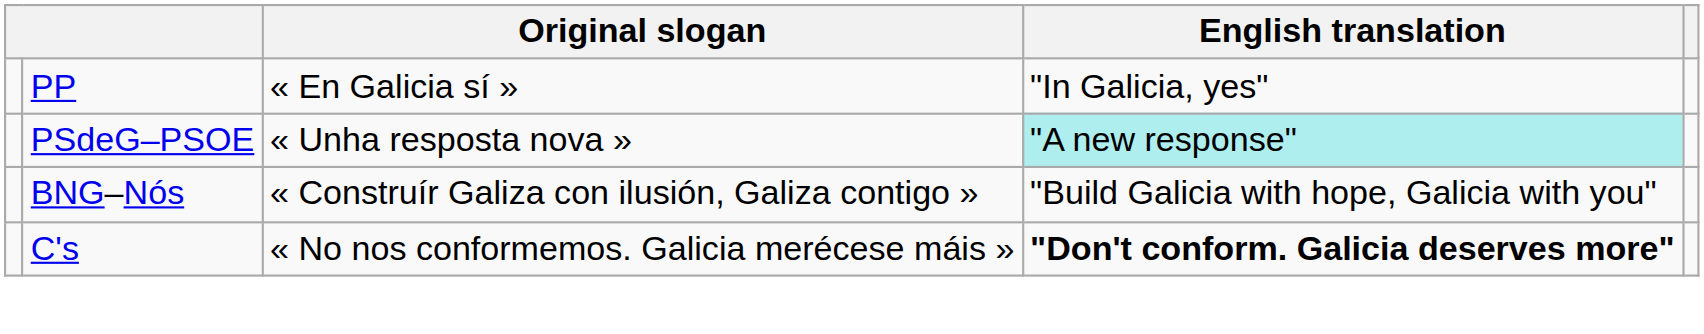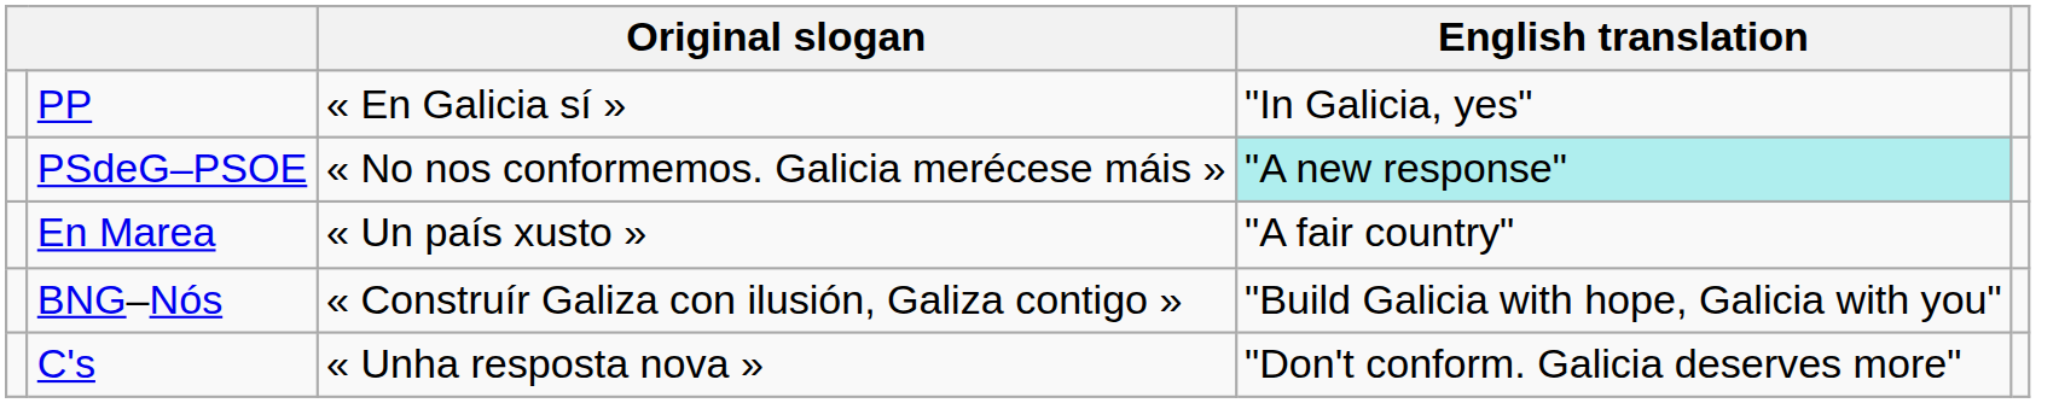 <table class="wikitable" style="text-align:left;">
 <tr>
 <th style="text-align:left;" colspan="2"></th>
 <th>Original slogan</th>
 <th>English translation</th>
 <th></th>
 </tr>
 <tr>
 <td width="1" style="color:inherit;background:"></td>
 <td><a href='#'>PP</a></td>
 <td>« En Galicia sí »</td>
 <td>"In Galicia, yes"</td>
 <td></td>
 </tr>
 <tr>
 <td style="color:inherit;background:"></td>
 <td><a href='#'>PSdeG–PSOE</a></td>
-<td>« Unha resposta nova »</td>
+<td>« No nos conformemos. Galicia merécese máis »</td>
 <td style="background: paleturquoise;">"A new response"</td>
+<td></td>
+</tr>
+<tr>
+<td style="color:inherit;background:"></td>
+<td><a href='#'>En Marea</a></td>
+<td>« Un país xusto »</td>
+<td>"A fair country"</td>
 <td></td>
 </tr>
 <tr>
 <td style="color:inherit;background:"></td>
 <td><a href='#'>BNG</a>–<a href='#'>Nós</a></td>
 <td>« Construír Galiza con ilusión, Galiza contigo »</td>
 <td>"Build Galicia with hope, Galicia with you"</td>
 <td></td>
 </tr>
 <tr>
 <td style="color:inherit;background:"></td>
 <td><a href='#'>C's</a></td>
-<td>« No nos conformemos. Galicia merécese máis »</td>
-<td><strong>"Don't conform. Galicia deserves more"</strong></td>
+<td>« Unha resposta nova »</td>
+<td>"Don't conform. Galicia deserves more"</td>
 <td></td>
 </tr>
 </table>
